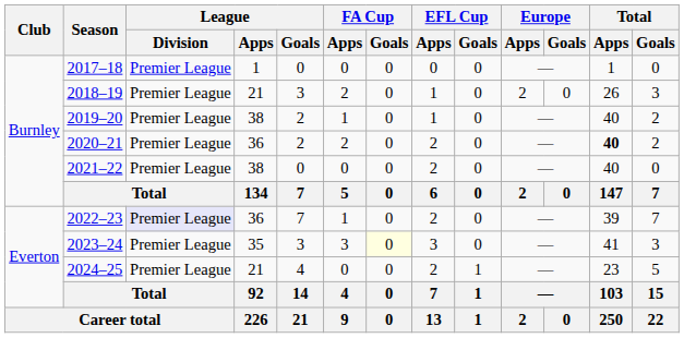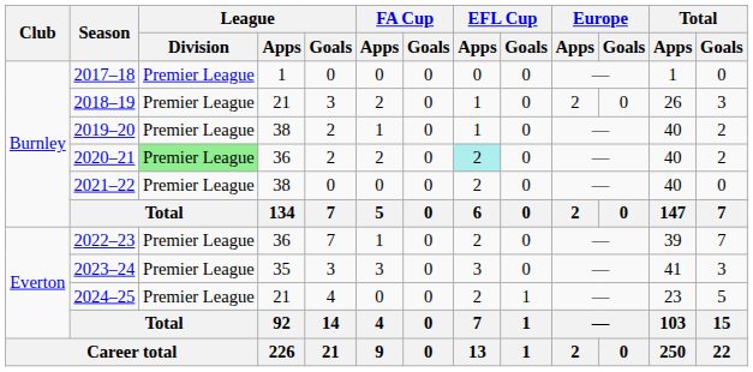 <table class="wikitable" style="text-align: center;">
 <tr>
 <th rowspan="2">Club</th>
 <th rowspan="2">Season</th>
 <th colspan="3">League</th>
 <th colspan="2"><a href='#'>FA Cup</a></th>
 <th colspan="2"><a href='#'>EFL Cup</a></th>
 <th colspan="2"><a href='#'>Europe</a></th>
 <th colspan="2">Total</th>
 </tr>
 <tr>
 <th>Division</th>
 <th>Apps</th>
 <th>Goals</th>
 <th>Apps</th>
 <th>Goals</th>
 <th>Apps</th>
 <th>Goals</th>
 <th>Apps</th>
 <th>Goals</th>
 <th>Apps</th>
 <th>Goals</th>
 </tr>
 <tr>
 <td rowspan="6"><a href='#'>Burnley</a></td>
 <td><a href='#'>2017–18</a></td>
 <td><a href='#'>Premier League</a></td>
 <td>1</td>
 <td>0</td>
 <td>0</td>
 <td>0</td>
 <td>0</td>
 <td>0</td>
 <td colspan="2">—</td>
 <td>1</td>
 <td>0</td>
 </tr>
 <tr>
 <td><a href='#'>2018–19</a></td>
 <td>Premier League</td>
 <td>21</td>
 <td>3</td>
 <td>2</td>
 <td>0</td>
 <td>1</td>
 <td>0</td>
 <td>2</td>
 <td>0</td>
 <td>26</td>
 <td>3</td>
 </tr>
 <tr>
 <td><a href='#'>2019–20</a></td>
 <td>Premier League</td>
 <td>38</td>
 <td>2</td>
 <td>1</td>
 <td>0</td>
 <td>1</td>
 <td>0</td>
 <td colspan="2">—</td>
 <td>40</td>
 <td>2</td>
 </tr>
 <tr>
 <td><a href='#'>2020–21</a></td>
-<td>Premier League</td>
+<td style="background: lightgreen;">Premier League</td>
 <td>36</td>
 <td>2</td>
 <td>2</td>
 <td>0</td>
-<td>2</td>
+<td style="background: paleturquoise;">2</td>
 <td>0</td>
 <td colspan="2">—</td>
-<td><strong>40</strong></td>
+<td>40</td>
 <td>2</td>
 </tr>
 <tr>
 <td><a href='#'>2021–22</a></td>
 <td>Premier League</td>
 <td>38</td>
 <td>0</td>
 <td>0</td>
 <td>0</td>
 <td>2</td>
 <td>0</td>
 <td colspan="2">—</td>
 <td>40</td>
 <td>0</td>
 </tr>
 <tr>
 <th colspan="2">Total</th>
 <th>134</th>
 <th>7</th>
 <th>5</th>
 <th>0</th>
 <th>6</th>
 <th>0</th>
 <th>2</th>
 <th>0</th>
 <th>147</th>
 <th>7</th>
 </tr>
 <tr>
 <td rowspan="4"><a href='#'>Everton</a></td>
 <td><a href='#'>2022–23</a></td>
-<td style="background: lavender;">Premier League</td>
+<td>Premier League</td>
 <td>36</td>
 <td>7</td>
 <td>1</td>
 <td>0</td>
 <td>2</td>
 <td>0</td>
 <td colspan="2">—</td>
 <td>39</td>
 <td>7</td>
 </tr>
 <tr>
 <td><a href='#'>2023–24</a></td>
 <td>Premier League</td>
 <td>35</td>
 <td>3</td>
 <td>3</td>
-<td style="background: lightyellow;">0</td>
+<td>0</td>
 <td>3</td>
 <td>0</td>
 <td colspan="2">—</td>
 <td>41</td>
 <td>3</td>
 </tr>
 <tr>
 <td><a href='#'>2024–25</a></td>
 <td>Premier League</td>
 <td>21</td>
 <td>4</td>
 <td>0</td>
 <td>0</td>
 <td>2</td>
 <td>1</td>
 <td colspan="2">—</td>
 <td>23</td>
 <td>5</td>
 </tr>
 <tr>
 <th colspan="2">Total</th>
 <th>92</th>
 <th>14</th>
 <th>4</th>
 <th>0</th>
 <th>7</th>
 <th>1</th>
 <th colspan="2">—</th>
 <th>103</th>
 <th>15</th>
 </tr>
 <tr>
 <th colspan="3">Career total</th>
 <th>226</th>
 <th>21</th>
 <th>9</th>
 <th>0</th>
 <th>13</th>
 <th>1</th>
 <th>2</th>
 <th>0</th>
 <th>250</th>
 <th>22</th>
 </tr>
 </table>
